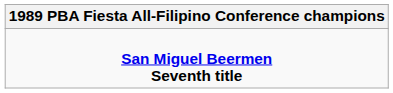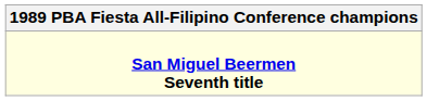 <table class=wikitable style="text-align:center; margin:auto">
 <tr>
 <th>1989 PBA Fiesta All-Filipino Conference champions</th>
 </tr>
 <tr>
-<td><br> <strong><a href='#'>San Miguel Beermen</a></strong> <br> <strong>Seventh title</strong></td>
+<td style="background: lightyellow;"><br> <strong><a href='#'>San Miguel Beermen</a></strong> <br> <strong>Seventh title</strong></td>
 </tr>
 </table>
